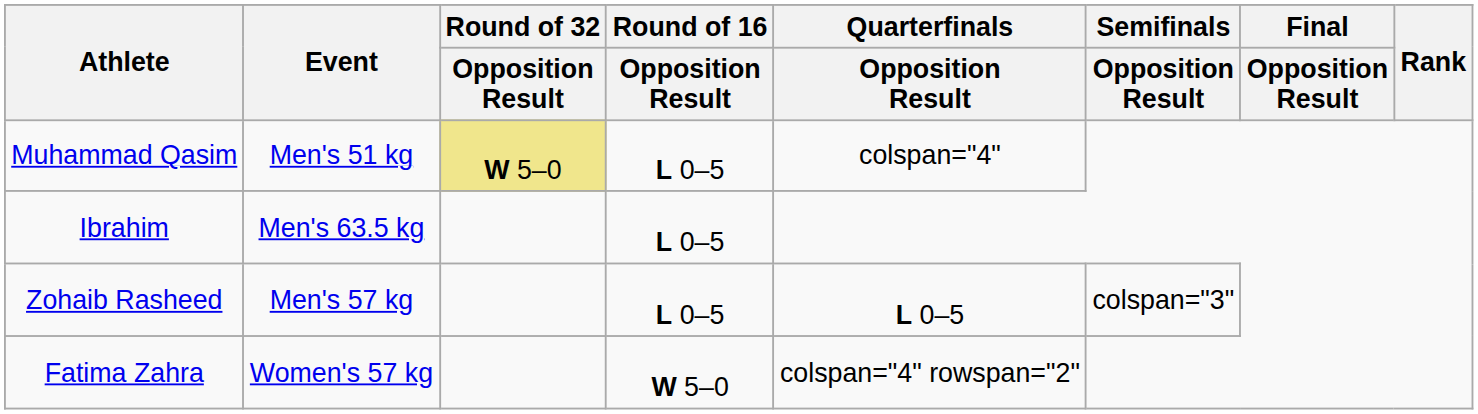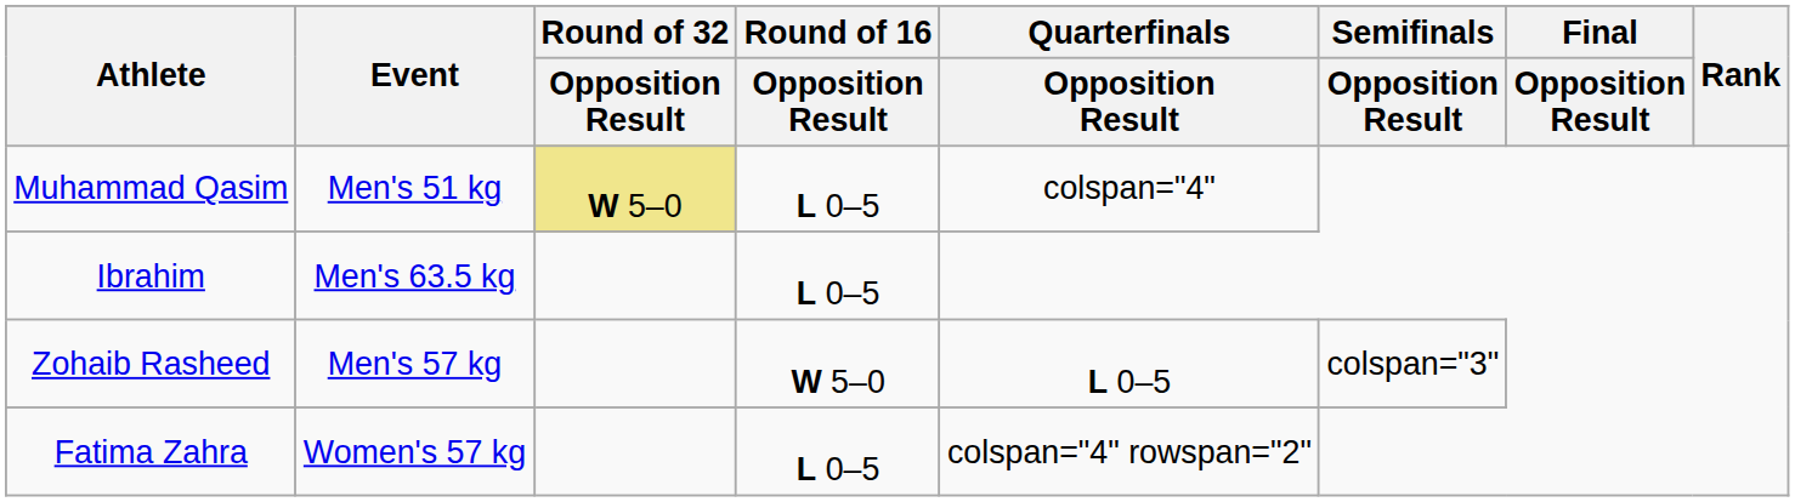 <table class=wikitable style="text-align:center; font-size:90%">
 <tr>
 <th rowspan=2>Athlete</th>
 <th rowspan=2>Event</th>
 <th>Round of 32</th>
 <th>Round of 16</th>
 <th>Quarterfinals</th>
 <th>Semifinals</th>
 <th>Final</th>
 <th rowspan=2>Rank</th>
 </tr>
 <tr>
 <th>Opposition<br>Result</th>
 <th>Opposition<br>Result</th>
 <th>Opposition<br>Result</th>
 <th>Opposition<br>Result</th>
 <th>Opposition<br>Result</th>
 </tr>
 <tr>
 <td><a href='#'>Muhammad Qasim</a></td>
 <td><a href='#'>Men's 51 kg</a></td>
 <td style="background: khaki;"><br><strong>W</strong> 5–0</td>
 <td><br> <strong>L</strong> 0–5</td>
 <td>colspan="4" </td>
 </tr>
 <tr>
 <td><a href='#'>Ibrahim</a></td>
 <td><a href='#'>Men's 63.5 kg</a></td>
 <td></td>
 <td><br><strong>L</strong> 0–5</td>
 </tr>
 <tr>
 <td><a href='#'>Zohaib Rasheed</a></td>
 <td><a href='#'>Men's 57 kg</a></td>
 <td></td>
-<td><br><strong>L</strong> 0–5</td>
+<td><br><strong>W</strong> 5–0</td>
 <td><br><strong>L</strong> 0–5</td>
 <td>colspan="3"</td>
 </tr>
 <tr>
 <td><a href='#'>Fatima Zahra</a></td>
 <td><a href='#'>Women's 57 kg</a></td>
 <td></td>
-<td><br><strong>W</strong> 5–0</td>
+<td><br><strong>L</strong> 0–5</td>
 <td>colspan="4" rowspan="2"</td>
 </tr>
 </table>
